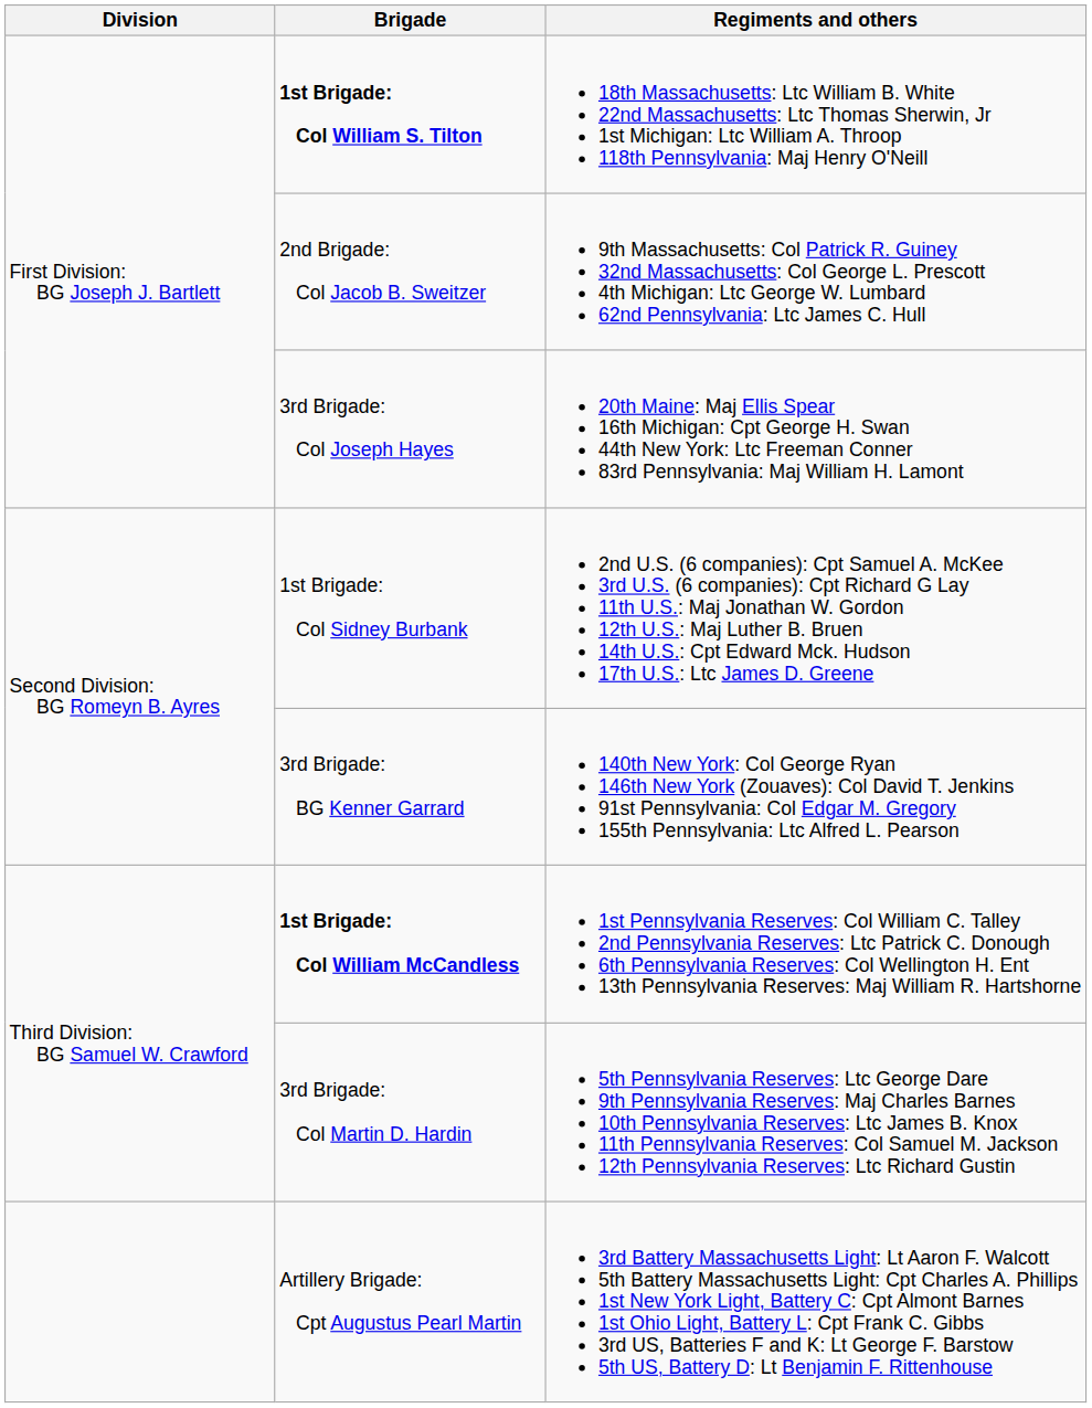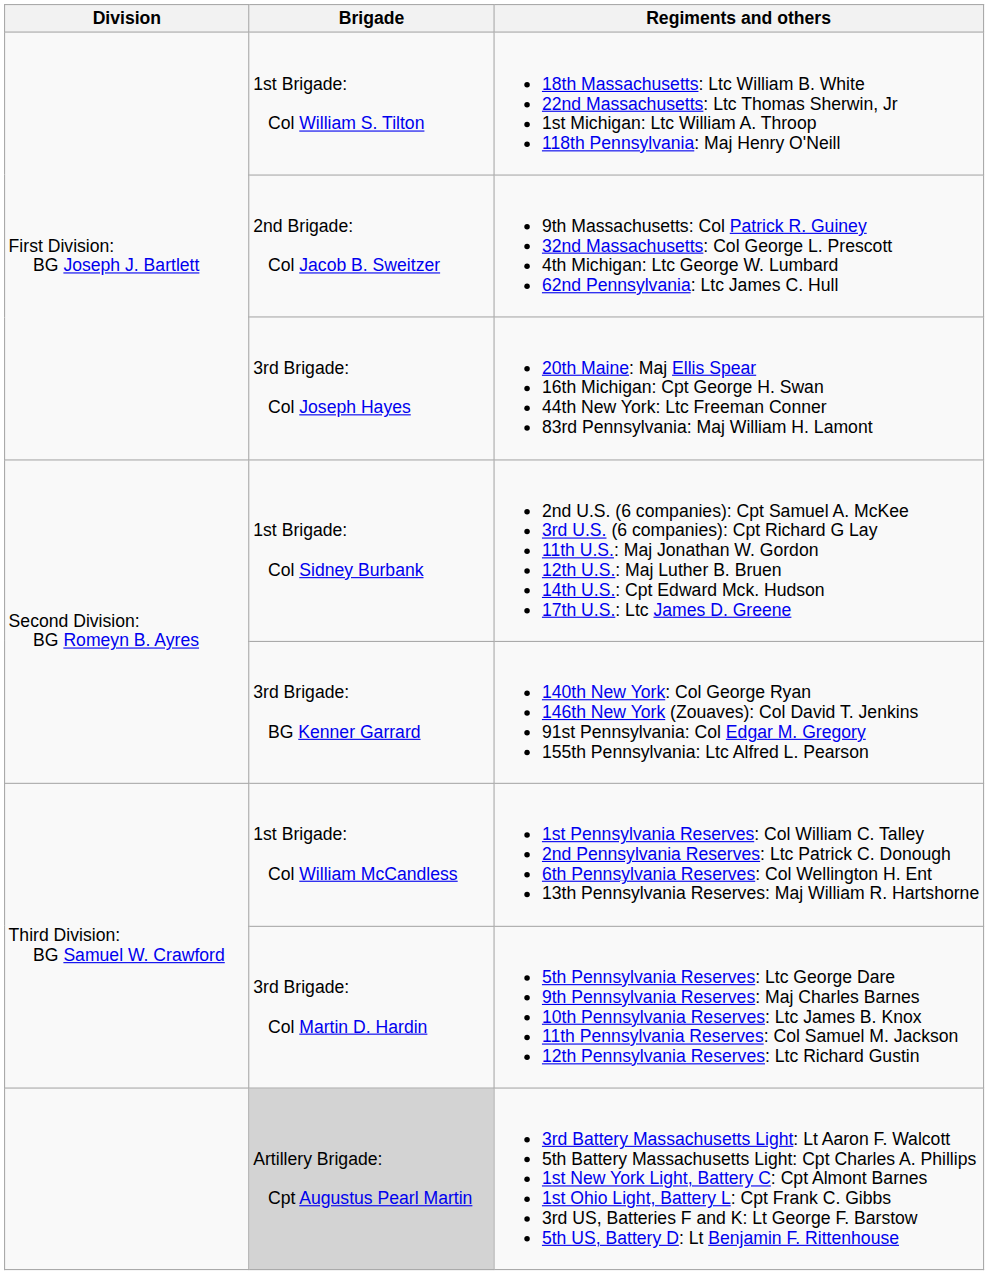 <table class="wikitable">
 <tr>
 <th width=25%>Division</th>
 <th width=25%>Brigade</th>
 <th>Regiments and others</th>
 </tr>
 <tr>
 <td rowspan=3><br>First Division: <br>     BG <a href='#'>Joseph J. Bartlett</a></td>
-<td><strong>1st Brigade:<br><br>   Col <a href='#'>William S. Tilton</a></strong></td>
+<td>1st Brigade:<br><br>   Col <a href='#'>William S. Tilton</a></td>
 <td><br><ul><li><a href='#'>18th Massachusetts</a>: Ltc William B. White</li><li><a href='#'>22nd Massachusetts</a>: Ltc Thomas Sherwin, Jr</li><li>1st Michigan: Ltc William A. Throop</li><li><a href='#'>118th Pennsylvania</a>: Maj Henry O'Neill</li></ul></td>
 </tr>
 <tr>
 <td>2nd Brigade:<br><br>   Col <a href='#'>Jacob B. Sweitzer</a></td>
 <td><br><ul><li>9th Massachusetts: Col <a href='#'>Patrick R. Guiney</a></li><li><a href='#'>32nd Massachusetts</a>: Col George L. Prescott</li><li>4th Michigan: Ltc George W. Lumbard</li><li><a href='#'>62nd Pennsylvania</a>: Ltc James C. Hull</li></ul></td>
 </tr>
 <tr>
 <td>3rd Brigade:<br><br>   Col <a href='#'>Joseph Hayes</a></td>
 <td><br><ul><li><a href='#'>20th Maine</a>: Maj <a href='#'>Ellis Spear</a></li><li>16th Michigan: Cpt George H. Swan</li><li>44th New York: Ltc Freeman Conner</li><li>83rd Pennsylvania: Maj William H. Lamont</li></ul></td>
 </tr>
 <tr>
 <td rowspan=2><br>Second Division: <br>     BG <a href='#'>Romeyn B. Ayres</a></td>
 <td>1st Brigade:<br><br>   Col <a href='#'>Sidney Burbank</a></td>
 <td><br><ul><li>2nd U.S. (6 companies): Cpt Samuel A. McKee</li><li><a href='#'>3rd U.S.</a> (6 companies): Cpt Richard G Lay</li><li><a href='#'>11th U.S.</a>: Maj Jonathan W. Gordon</li><li><a href='#'>12th U.S.</a>: Maj Luther B. Bruen</li><li><a href='#'>14th U.S.</a>: Cpt Edward Mck. Hudson</li><li><a href='#'>17th U.S.</a>: Ltc <a href='#'> James D. Greene</a></li></ul></td>
 </tr>
 <tr>
 <td>3rd Brigade:<br><br>   BG <a href='#'>Kenner Garrard</a></td>
 <td><br><ul><li><a href='#'>140th New York</a>: Col George Ryan</li><li><a href='#'>146th New York</a> (Zouaves): Col David T. Jenkins</li><li>91st Pennsylvania: Col <a href='#'>Edgar M. Gregory</a></li><li>155th Pennsylvania: Ltc Alfred L. Pearson</li></ul></td>
 </tr>
 <tr>
 <td rowspan=2><br>Third Division: <br>     BG <a href='#'>Samuel W. Crawford</a></td>
-<td><strong>1st Brigade:<br><br>   Col <a href='#'>William McCandless</a></strong></td>
+<td>1st Brigade:<br><br>   Col <a href='#'>William McCandless</a></td>
 <td><br><ul><li><a href='#'>1st Pennsylvania Reserves</a>: Col William C. Talley</li><li><a href='#'>2nd Pennsylvania Reserves</a>: Ltc Patrick C. Donough</li><li><a href='#'>6th Pennsylvania Reserves</a>: Col Wellington H. Ent</li><li>13th Pennsylvania Reserves: Maj William R. Hartshorne</li></ul></td>
 </tr>
 <tr>
 <td>3rd Brigade:<br><br>   Col <a href='#'>Martin D. Hardin</a></td>
 <td><br><ul><li><a href='#'>5th Pennsylvania Reserves</a>: Ltc George Dare</li><li><a href='#'>9th Pennsylvania Reserves</a>: Maj Charles Barnes</li><li><a href='#'>10th Pennsylvania Reserves</a>: Ltc James B. Knox</li><li><a href='#'>11th Pennsylvania Reserves</a>: Col Samuel M. Jackson</li><li><a href='#'>12th Pennsylvania Reserves</a>: Ltc Richard Gustin</li></ul></td>
 </tr>
 <tr>
 <td></td>
-<td>Artillery Brigade:<br><br>   Cpt <a href='#'>Augustus Pearl Martin</a></td>
+<td style="background: lightgrey;">Artillery Brigade:<br><br>   Cpt <a href='#'>Augustus Pearl Martin</a></td>
 <td><br><ul><li><a href='#'>3rd Battery Massachusetts Light</a>: Lt Aaron F. Walcott</li><li>5th Battery Massachusetts Light: Cpt Charles A. Phillips</li><li><a href='#'>1st New York Light, Battery C</a>: Cpt Almont Barnes</li><li><a href='#'>1st Ohio Light, Battery L</a>: Cpt Frank C. Gibbs</li><li>3rd US, Batteries F and K: Lt George F. Barstow</li><li><a href='#'>5th US, Battery D</a>: Lt <a href='#'>Benjamin F. Rittenhouse</a></li></ul></td>
 </tr>
 </table>
